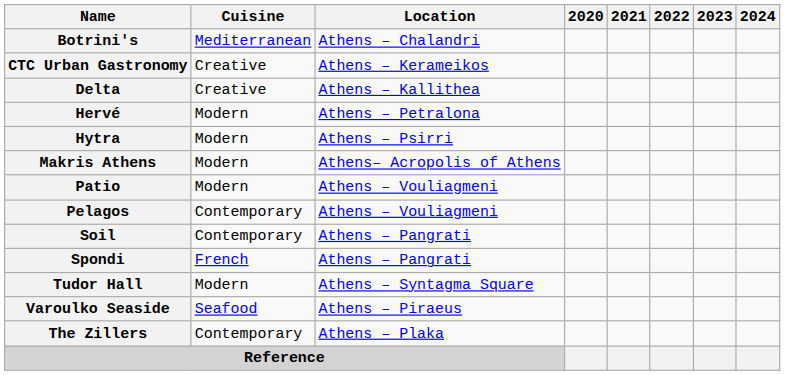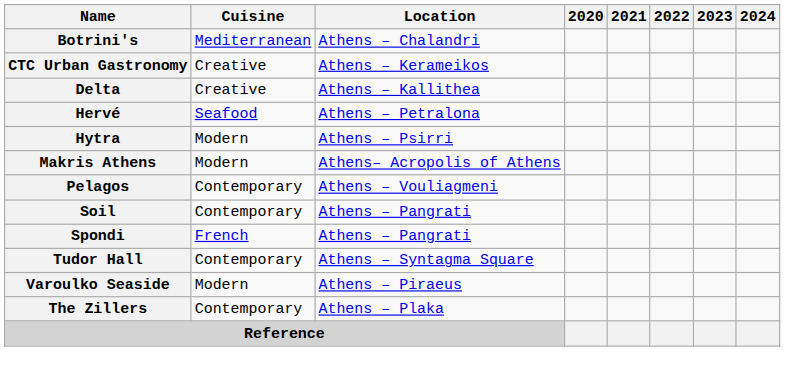 <table class="wikitable sortable plainrowheaders" style="text-align:left;"">
 <tr>
 <th scope="col">Name</th>
 <th scope="col">Cuisine</th>
 <th scope="col">Location</th>
 <th scope="col">2020</th>
 <th scope="col">2021</th>
 <th scope="col">2022</th>
 <th scope="col">2023</th>
 <th scope="col">2024</th>
 </tr>
 <tr>
 <th scope="row">Botrini's</th>
 <td><a href='#'>Mediterranean</a></td>
 <td><a href='#'>Athens – Chalandri</a></td>
 <td></td>
 <td></td>
 <td></td>
 <td></td>
 <td></td>
 </tr>
 <tr>
 <th scope="row">CTC Urban Gastronomy</th>
 <td>Creative</td>
 <td><a href='#'>Athens – Kerameikos</a></td>
 <td></td>
 <td></td>
 <td></td>
 <td></td>
 <td></td>
 </tr>
 <tr>
 <th scope="row">Delta</th>
 <td>Creative</td>
 <td><a href='#'>Athens – Kallithea</a></td>
 <td></td>
 <td></td>
 <td></td>
 <td></td>
 <td></td>
 </tr>
 <tr>
 <th scope="row">Hervé</th>
-<td>Modern</td>
+<td><a href='#'>Seafood</a></td>
 <td><a href='#'>Athens – Petralona</a></td>
 <td></td>
 <td></td>
 <td></td>
 <td></td>
 <td></td>
 </tr>
 <tr>
 <th scope="row">Hytra</th>
 <td>Modern</td>
 <td><a href='#'>Athens – Psirri</a></td>
 <td></td>
 <td></td>
 <td></td>
 <td></td>
 <td></td>
 </tr>
 <tr>
 <th scope="row">Makris Athens</th>
 <td>Modern</td>
 <td><a href='#'>Athens– Acropolis of Athens</a></td>
-<td></td>
-<td></td>
-<td></td>
-<td></td>
-<td></td>
-</tr>
-<tr>
-<th scope="row">Patio</th>
-<td>Modern</td>
-<td><a href='#'>Athens – Vouliagmeni</a></td>
 <td></td>
 <td></td>
 <td></td>
 <td></td>
 <td></td>
 </tr>
 <tr>
 <th scope="row">Pelagos</th>
 <td>Contemporary</td>
 <td><a href='#'>Athens – Vouliagmeni</a></td>
 <td></td>
 <td></td>
 <td></td>
 <td></td>
 <td></td>
 </tr>
 <tr>
 <th scope="row">Soil</th>
 <td>Contemporary</td>
 <td><a href='#'>Athens – Pangrati</a></td>
 <td></td>
 <td></td>
 <td></td>
 <td></td>
 <td></td>
 </tr>
 <tr>
 <th scope="row">Spondi</th>
 <td><a href='#'>French</a></td>
 <td><a href='#'>Athens – Pangrati</a></td>
 <td></td>
 <td></td>
 <td></td>
 <td></td>
 <td></td>
 </tr>
 <tr>
 <th scope="row">Tudor Hall</th>
-<td>Modern</td>
+<td>Contemporary</td>
 <td><a href='#'>Athens – Syntagma Square</a></td>
 <td></td>
 <td></td>
 <td></td>
 <td></td>
 <td></td>
 </tr>
 <tr>
 <th scope="row">Varoulko Seaside</th>
-<td><a href='#'>Seafood</a></td>
+<td>Modern</td>
 <td><a href='#'>Athens – Piraeus</a></td>
 <td></td>
 <td></td>
 <td></td>
 <td></td>
 <td></td>
 </tr>
 <tr>
 <th scope="row">The Zillers</th>
 <td>Contemporary</td>
 <td><a href='#'>Athens – Plaka</a></td>
 <td></td>
 <td></td>
 <td></td>
 <td></td>
 <td></td>
 </tr>
 <tr>
 <th colspan="3" style="text-align: center;background: lightgray;">Reference</th>
 <th></th>
 <th></th>
 <th></th>
 <th></th>
 <th></th>
 </tr>
 </table>
